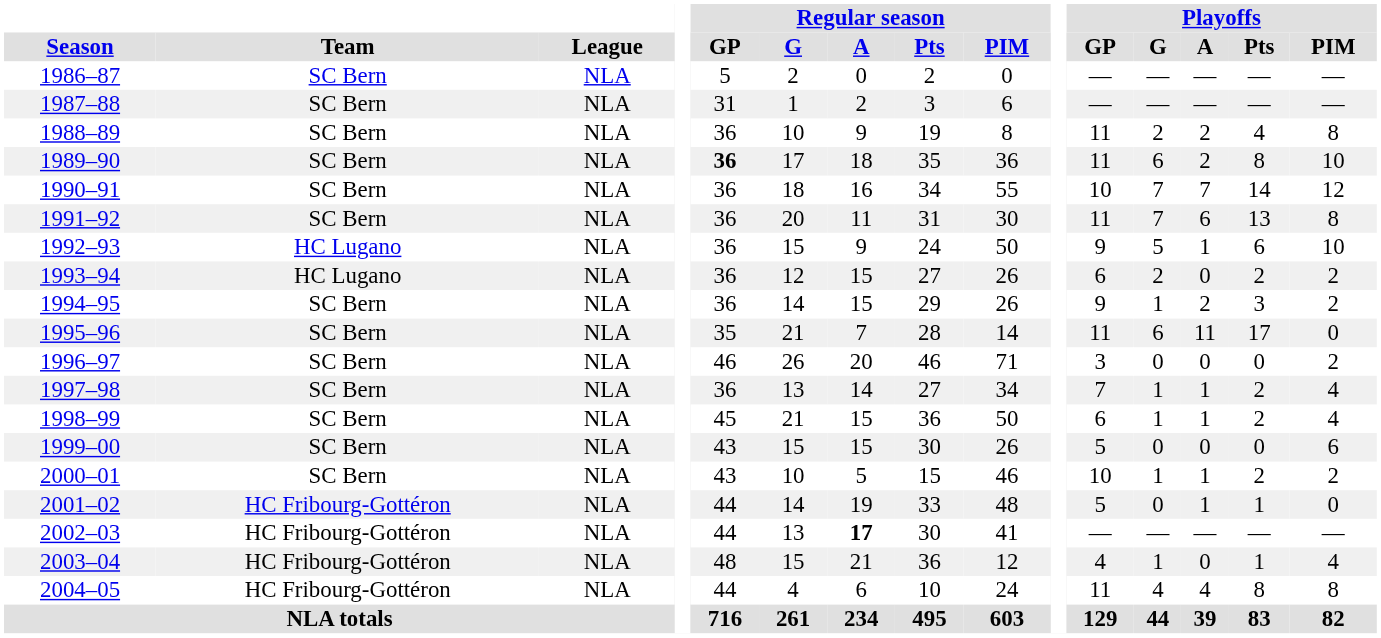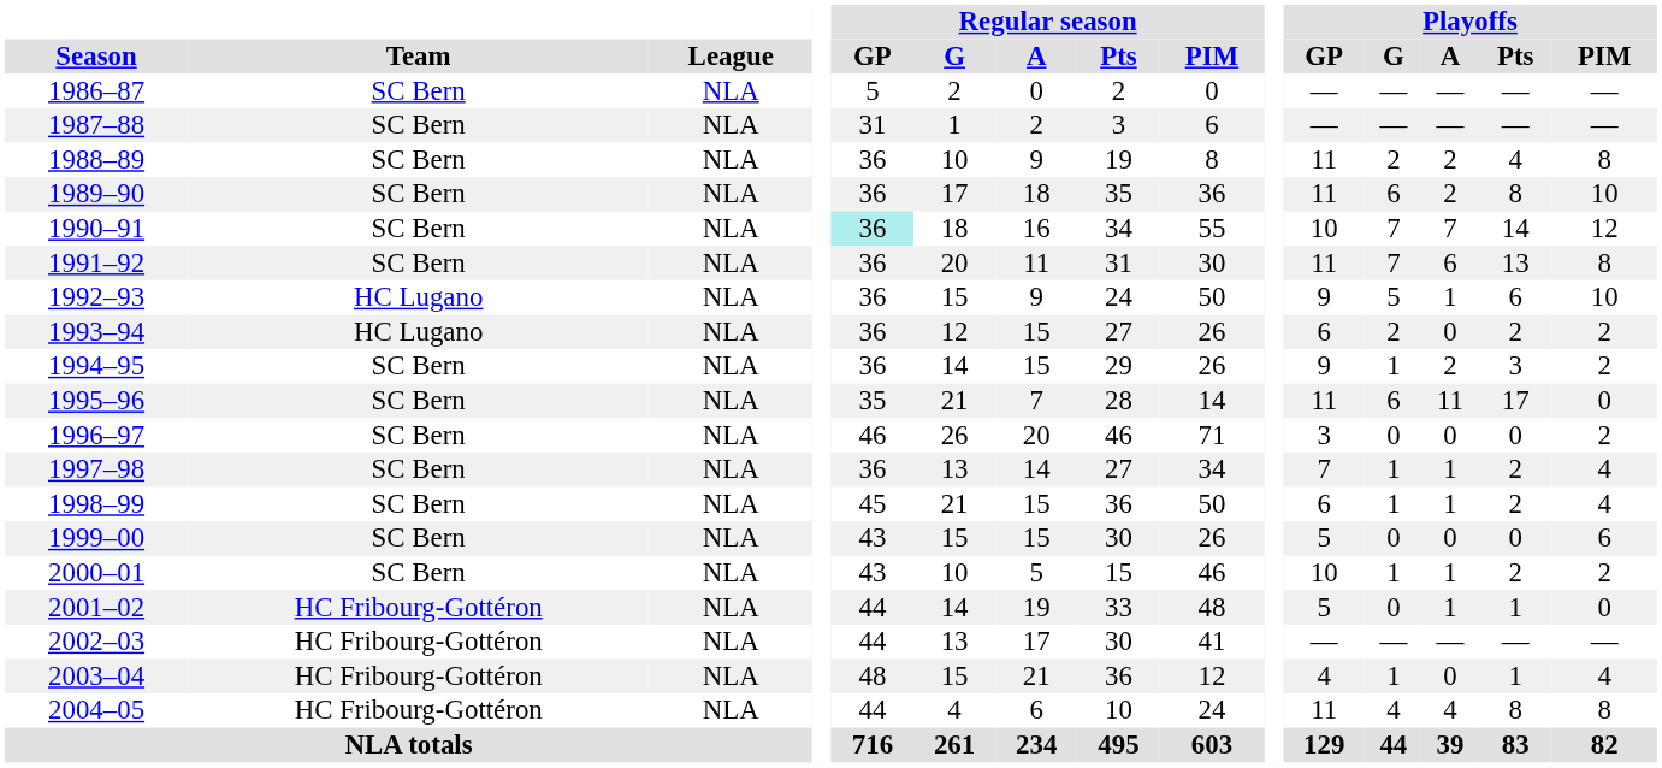 <table border="0" cellpadding="1" cellspacing="0" style="text-align:center; width:60em">
 <tr bgcolor="#e0e0e0">
 <th colspan="3" bgcolor="#ffffff"> </th>
 <th rowspan="99" bgcolor="#ffffff"> </th>
 <th colspan="5"><a href='#'>Regular season</a></th>
 <th rowspan="99" bgcolor="#ffffff"> </th>
 <th colspan="5"><a href='#'>Playoffs</a></th>
 </tr>
 <tr bgcolor="#e0e0e0">
 <th><a href='#'>Season</a></th>
 <th>Team</th>
 <th>League</th>
 <th>GP</th>
 <th><a href='#'>G</a></th>
 <th><a href='#'>A</a></th>
 <th><a href='#'>Pts</a></th>
 <th><a href='#'>PIM</a></th>
 <th>GP</th>
 <th>G</th>
 <th>A</th>
 <th>Pts</th>
 <th>PIM</th>
 </tr>
 <tr>
 <td><a href='#'>1986–87</a></td>
 <td><a href='#'>SC Bern</a></td>
 <td><a href='#'>NLA</a></td>
 <td>5</td>
 <td>2</td>
 <td>0</td>
 <td>2</td>
 <td>0</td>
 <td>—</td>
 <td>—</td>
 <td>—</td>
 <td>—</td>
 <td>—</td>
 </tr>
 <tr bgcolor="#f0f0f0">
 <td><a href='#'>1987–88</a></td>
 <td>SC Bern</td>
 <td>NLA</td>
 <td>31</td>
 <td>1</td>
 <td>2</td>
 <td>3</td>
 <td>6</td>
 <td>—</td>
 <td>—</td>
 <td>—</td>
 <td>—</td>
 <td>—</td>
 </tr>
 <tr>
 <td><a href='#'>1988–89</a></td>
 <td>SC Bern</td>
 <td>NLA</td>
 <td>36</td>
 <td>10</td>
 <td>9</td>
 <td>19</td>
 <td>8</td>
 <td>11</td>
 <td>2</td>
 <td>2</td>
 <td>4</td>
 <td>8</td>
 </tr>
 <tr bgcolor="#f0f0f0">
 <td><a href='#'>1989–90</a></td>
 <td>SC Bern</td>
 <td>NLA</td>
-<td><strong>36</strong></td>
+<td>36</td>
 <td>17</td>
 <td>18</td>
 <td>35</td>
 <td>36</td>
 <td>11</td>
 <td>6</td>
 <td>2</td>
 <td>8</td>
 <td>10</td>
 </tr>
 <tr>
 <td><a href='#'>1990–91</a></td>
 <td>SC Bern</td>
 <td>NLA</td>
-<td>36</td>
+<td style="background: paleturquoise;">36</td>
 <td>18</td>
 <td>16</td>
 <td>34</td>
 <td>55</td>
 <td>10</td>
 <td>7</td>
 <td>7</td>
 <td>14</td>
 <td>12</td>
 </tr>
 <tr bgcolor="#f0f0f0">
 <td><a href='#'>1991–92</a></td>
 <td>SC Bern</td>
 <td>NLA</td>
 <td>36</td>
 <td>20</td>
 <td>11</td>
 <td>31</td>
 <td>30</td>
 <td>11</td>
 <td>7</td>
 <td>6</td>
 <td>13</td>
 <td>8</td>
 </tr>
 <tr>
 <td><a href='#'>1992–93</a></td>
 <td><a href='#'>HC Lugano</a></td>
 <td>NLA</td>
 <td>36</td>
 <td>15</td>
 <td>9</td>
 <td>24</td>
 <td>50</td>
 <td>9</td>
 <td>5</td>
 <td>1</td>
 <td>6</td>
 <td>10</td>
 </tr>
 <tr bgcolor="#f0f0f0">
 <td><a href='#'>1993–94</a></td>
 <td>HC Lugano</td>
 <td>NLA</td>
 <td>36</td>
 <td>12</td>
 <td>15</td>
 <td>27</td>
 <td>26</td>
 <td>6</td>
 <td>2</td>
 <td>0</td>
 <td>2</td>
 <td>2</td>
 </tr>
 <tr>
 <td><a href='#'>1994–95</a></td>
 <td>SC Bern</td>
 <td>NLA</td>
 <td>36</td>
 <td>14</td>
 <td>15</td>
 <td>29</td>
 <td>26</td>
 <td>9</td>
 <td>1</td>
 <td>2</td>
 <td>3</td>
 <td>2</td>
 </tr>
 <tr bgcolor="#f0f0f0">
 <td><a href='#'>1995–96</a></td>
 <td>SC Bern</td>
 <td>NLA</td>
 <td>35</td>
 <td>21</td>
 <td>7</td>
 <td>28</td>
 <td>14</td>
 <td>11</td>
 <td>6</td>
 <td>11</td>
 <td>17</td>
 <td>0</td>
 </tr>
 <tr>
 <td><a href='#'>1996–97</a></td>
 <td>SC Bern</td>
 <td>NLA</td>
 <td>46</td>
 <td>26</td>
 <td>20</td>
 <td>46</td>
 <td>71</td>
 <td>3</td>
 <td>0</td>
 <td>0</td>
 <td>0</td>
 <td>2</td>
 </tr>
 <tr bgcolor="#f0f0f0">
 <td><a href='#'>1997–98</a></td>
 <td>SC Bern</td>
 <td>NLA</td>
 <td>36</td>
 <td>13</td>
 <td>14</td>
 <td>27</td>
 <td>34</td>
 <td>7</td>
 <td>1</td>
 <td>1</td>
 <td>2</td>
 <td>4</td>
 </tr>
 <tr>
 <td><a href='#'>1998–99</a></td>
 <td>SC Bern</td>
 <td>NLA</td>
 <td>45</td>
 <td>21</td>
 <td>15</td>
 <td>36</td>
 <td>50</td>
 <td>6</td>
 <td>1</td>
 <td>1</td>
 <td>2</td>
 <td>4</td>
 </tr>
 <tr bgcolor="#f0f0f0">
 <td><a href='#'>1999–00</a></td>
 <td>SC Bern</td>
 <td>NLA</td>
 <td>43</td>
 <td>15</td>
 <td>15</td>
 <td>30</td>
 <td>26</td>
 <td>5</td>
 <td>0</td>
 <td>0</td>
 <td>0</td>
 <td>6</td>
 </tr>
 <tr>
 <td><a href='#'>2000–01</a></td>
 <td>SC Bern</td>
 <td>NLA</td>
 <td>43</td>
 <td>10</td>
 <td>5</td>
 <td>15</td>
 <td>46</td>
 <td>10</td>
 <td>1</td>
 <td>1</td>
 <td>2</td>
 <td>2</td>
 </tr>
 <tr bgcolor="#f0f0f0">
 <td><a href='#'>2001–02</a></td>
 <td><a href='#'>HC Fribourg-Gottéron</a></td>
 <td>NLA</td>
 <td>44</td>
 <td>14</td>
 <td>19</td>
 <td>33</td>
 <td>48</td>
 <td>5</td>
 <td>0</td>
 <td>1</td>
 <td>1</td>
 <td>0</td>
 </tr>
 <tr>
 <td><a href='#'>2002–03</a></td>
 <td>HC Fribourg-Gottéron</td>
 <td>NLA</td>
 <td>44</td>
 <td>13</td>
-<td><strong>17</strong></td>
+<td>17</td>
 <td>30</td>
 <td>41</td>
 <td>—</td>
 <td>—</td>
 <td>—</td>
 <td>—</td>
 <td>—</td>
 </tr>
 <tr bgcolor="#f0f0f0">
 <td><a href='#'>2003–04</a></td>
 <td>HC Fribourg-Gottéron</td>
 <td>NLA</td>
 <td>48</td>
 <td>15</td>
 <td>21</td>
 <td>36</td>
 <td>12</td>
 <td>4</td>
 <td>1</td>
 <td>0</td>
 <td>1</td>
 <td>4</td>
 </tr>
 <tr>
 <td><a href='#'>2004–05</a></td>
 <td>HC Fribourg-Gottéron</td>
 <td>NLA</td>
 <td>44</td>
 <td>4</td>
 <td>6</td>
 <td>10</td>
 <td>24</td>
 <td>11</td>
 <td>4</td>
 <td>4</td>
 <td>8</td>
 <td>8</td>
 </tr>
 <tr>
 </tr>
 <tr ALIGN="center" bgcolor="#e0e0e0">
 <th colspan="3">NLA totals</th>
 <th ALIGN="center">716</th>
 <th ALIGN="center">261</th>
 <th ALIGN="center">234</th>
 <th ALIGN="center">495</th>
 <th ALIGN="center">603</th>
 <th ALIGN="center">129</th>
 <th ALIGN="center">44</th>
 <th ALIGN="center">39</th>
 <th ALIGN="center">83</th>
 <th ALIGN="center">82</th>
 </tr>
 </table>
